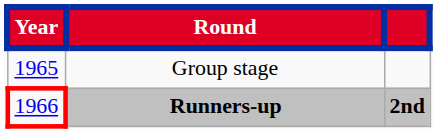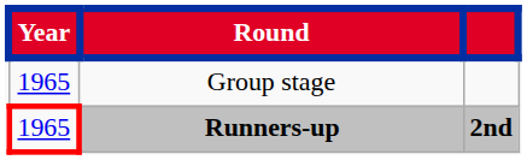 <table class="wikitable" style="text-align: center; font-size:90%">
 <tr style="color:white;">
 <th style="background:#e00025; border: 4px solid #032ea1;">Year</th>
 <th style="background:#e00025; border: 4px solid #032ea1; width:200px">Round</th>
 <th style="background:#e00025; border: 4px solid #032ea1;"></th>
 </tr>
 <tr>
 <td><a href='#'>1965</a></td>
 <td>Group stage</td>
 <td></td>
 </tr>
 <tr>
-<td style="border: 3px solid red"><a href='#'>1966</a></td>
+<td style="border: 3px solid red"><a href='#'>1965</a></td>
 <td bgcolor="Silver"><strong>Runners-up</strong></td>
 <td bgcolor="Silver"><strong>2nd</strong></td>
 </tr>
 </table>
